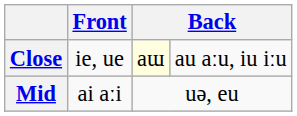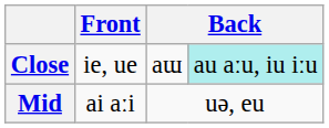 <table class="wikitable" style="text-align:center">
 <tr>
 <th></th>
 <th><a href='#'>Front</a></th>
 <th colspan="2"><a href='#'>Back</a></th>
 </tr>
 <tr>
 <th><a href='#'>Close</a></th>
 <td>ie, ue</td>
-<td style="background: lightyellow;">aɯ</td>
-<td>au aːu, iu iːu</td>
+<td>aɯ</td>
+<td style="background: paleturquoise;">au aːu, iu iːu</td>
 </tr>
 <tr>
 <th><a href='#'>Mid</a></th>
 <td>ai aːi</td>
 <td colspan="2">uə, eu</td>
 </tr>
 </table>
